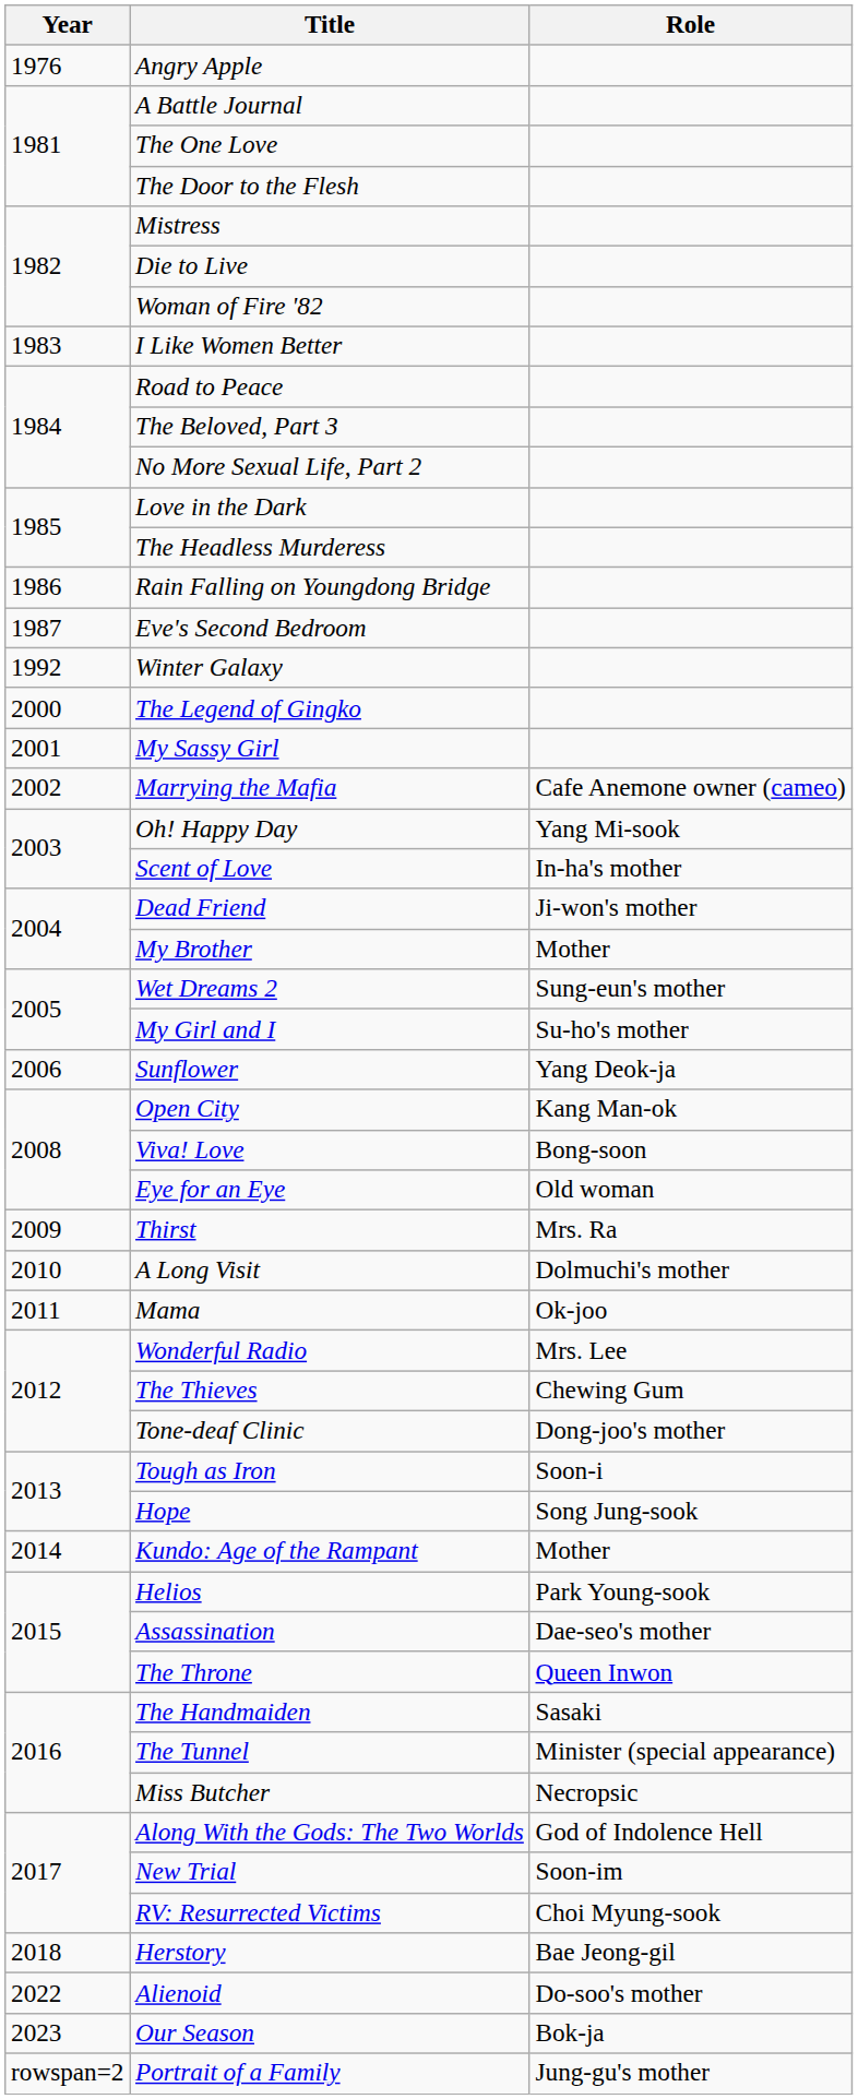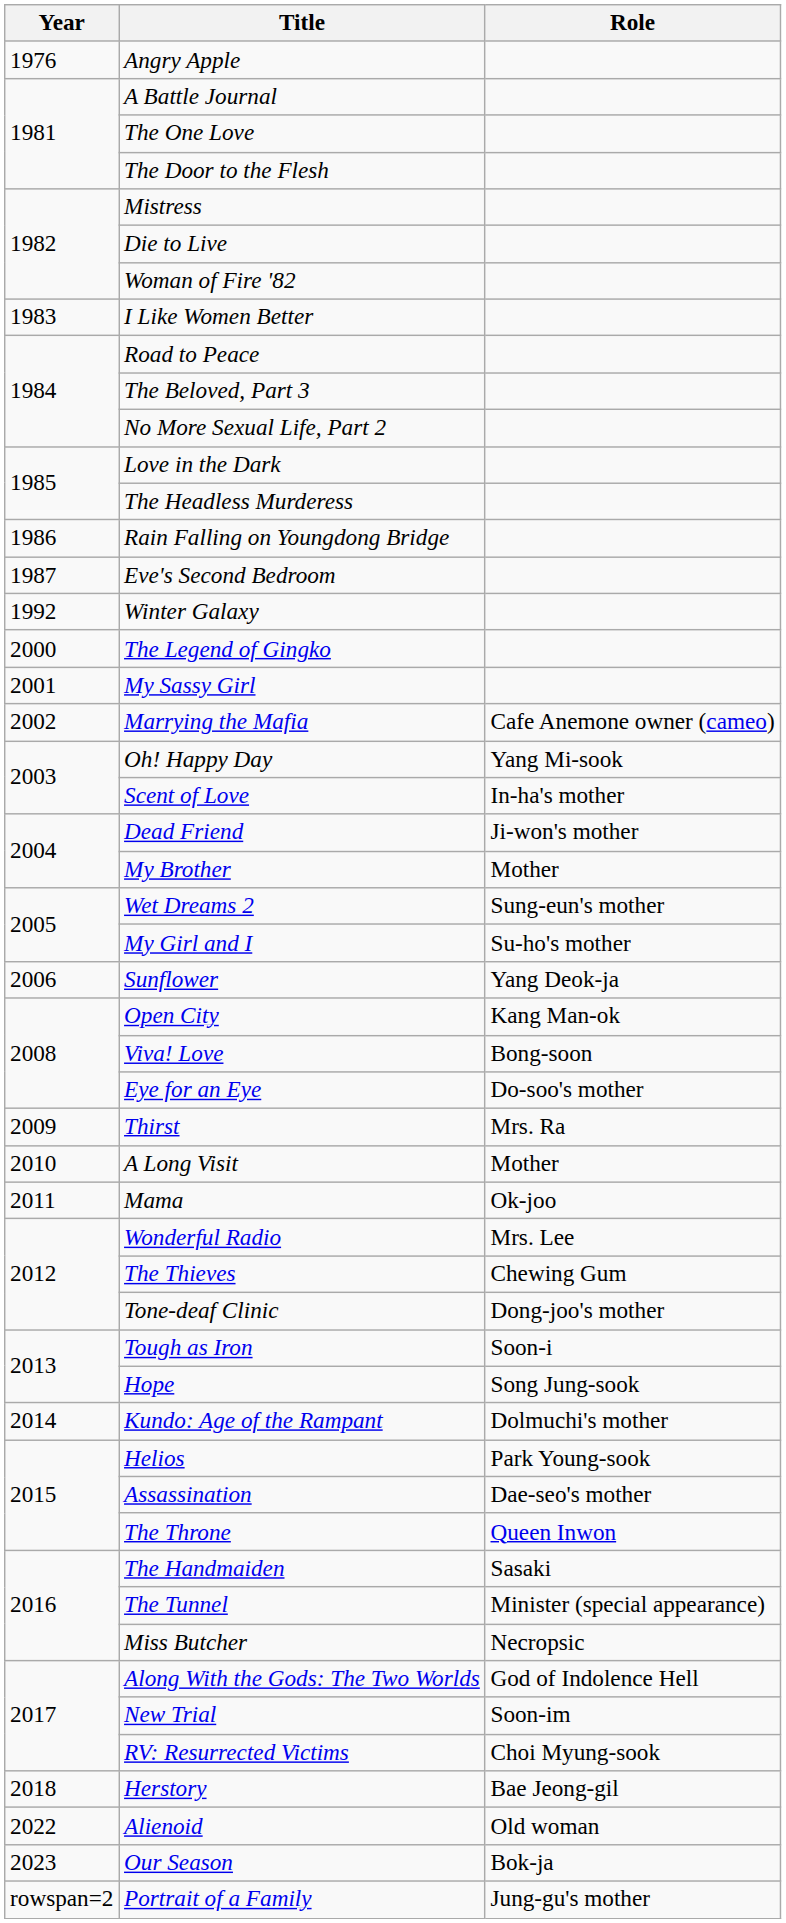 <table class="wikitable sortable">
 <tr>
 <th>Year</th>
 <th>Title</th>
 <th>Role</th>
 </tr>
 <tr>
 <td>1976</td>
 <td><em>Angry Apple</em></td>
 <td></td>
 </tr>
 <tr>
 <td rowspan=3>1981</td>
 <td><em>A Battle Journal</em></td>
 <td></td>
 </tr>
 <tr>
 <td><em>The One Love</em></td>
 <td></td>
 </tr>
 <tr>
 <td><em>The Door to the Flesh</em></td>
 <td></td>
 </tr>
 <tr>
 <td rowspan=3>1982</td>
 <td><em>Mistress</em></td>
 <td></td>
 </tr>
 <tr>
 <td><em>Die to Live</em></td>
 <td></td>
 </tr>
 <tr>
 <td><em>Woman of Fire '82</em></td>
 <td></td>
 </tr>
 <tr>
 <td>1983</td>
 <td><em>I Like Women Better</em></td>
 <td></td>
 </tr>
 <tr>
 <td rowspan=3>1984</td>
 <td><em>Road to Peace</em></td>
 <td></td>
 </tr>
 <tr>
 <td><em>The Beloved, Part 3</em></td>
 <td></td>
 </tr>
 <tr>
 <td><em>No More Sexual Life, Part 2</em></td>
 <td></td>
 </tr>
 <tr>
 <td rowspan=2>1985</td>
 <td><em>Love in the Dark</em></td>
 <td></td>
 </tr>
 <tr>
 <td><em>The Headless Murderess</em></td>
 <td></td>
 </tr>
 <tr>
 <td>1986</td>
 <td><em>Rain Falling on Youngdong Bridge</em></td>
 <td></td>
 </tr>
 <tr>
 <td>1987</td>
 <td><em>Eve's Second Bedroom</em></td>
 <td></td>
 </tr>
 <tr>
 <td>1992</td>
 <td><em>Winter Galaxy</em></td>
 <td></td>
 </tr>
 <tr>
 <td>2000</td>
 <td><em><a href='#'>The Legend of Gingko</a></em></td>
 <td></td>
 </tr>
 <tr>
 <td>2001</td>
 <td><em><a href='#'>My Sassy Girl</a></em></td>
 <td></td>
 </tr>
 <tr>
 <td>2002</td>
 <td><em><a href='#'>Marrying the Mafia</a></em></td>
 <td>Cafe Anemone owner (<a href='#'>cameo</a>)</td>
 </tr>
 <tr>
 <td rowspan=2>2003</td>
 <td><em>Oh! Happy Day</em></td>
 <td>Yang Mi-sook</td>
 </tr>
 <tr>
 <td><em><a href='#'>Scent of Love</a></em></td>
 <td>In-ha's mother</td>
 </tr>
 <tr>
 <td rowspan=2>2004</td>
 <td><em><a href='#'>Dead Friend</a></em></td>
 <td>Ji-won's mother</td>
 </tr>
 <tr>
 <td><em><a href='#'>My Brother</a></em></td>
 <td>Mother</td>
 </tr>
 <tr>
 <td rowspan=2>2005</td>
 <td><em><a href='#'>Wet Dreams 2</a></em></td>
 <td>Sung-eun's mother</td>
 </tr>
 <tr>
 <td><em><a href='#'>My Girl and I</a></em></td>
 <td>Su-ho's mother</td>
 </tr>
 <tr>
 <td>2006</td>
 <td><em><a href='#'>Sunflower</a></em></td>
 <td>Yang Deok-ja</td>
 </tr>
 <tr>
 <td rowspan=3>2008</td>
 <td><em><a href='#'>Open City</a></em></td>
 <td>Kang Man-ok</td>
 </tr>
 <tr>
 <td><em><a href='#'>Viva! Love</a></em></td>
 <td>Bong-soon</td>
 </tr>
 <tr>
 <td><em><a href='#'>Eye for an Eye</a></em></td>
-<td>Old woman</td>
+<td>Do-soo's mother</td>
 </tr>
 <tr>
 <td>2009</td>
 <td><em><a href='#'>Thirst</a></em></td>
 <td>Mrs. Ra</td>
 </tr>
 <tr>
 <td>2010</td>
 <td><em>A Long Visit</em></td>
-<td>Dolmuchi's mother</td>
+<td>Mother</td>
 </tr>
 <tr>
 <td>2011</td>
 <td><em>Mama</em></td>
 <td>Ok-joo</td>
 </tr>
 <tr>
 <td rowspan=3>2012</td>
 <td><em><a href='#'>Wonderful Radio</a></em></td>
 <td>Mrs. Lee</td>
 </tr>
 <tr>
 <td><em><a href='#'>The Thieves</a></em></td>
 <td>Chewing Gum</td>
 </tr>
 <tr>
 <td><em>Tone-deaf Clinic</em> </td>
 <td>Dong-joo's mother</td>
 </tr>
 <tr>
 <td rowspan=2>2013</td>
 <td><em><a href='#'>Tough as Iron</a></em></td>
 <td>Soon-i</td>
 </tr>
 <tr>
 <td><em><a href='#'>Hope</a></em></td>
 <td>Song Jung-sook</td>
 </tr>
 <tr>
 <td>2014</td>
 <td><em><a href='#'>Kundo: Age of the Rampant</a></em></td>
-<td>Mother</td>
+<td>Dolmuchi's mother</td>
 </tr>
 <tr>
 <td rowspan=3>2015</td>
 <td><em><a href='#'>Helios</a></em></td>
 <td>Park Young-sook</td>
 </tr>
 <tr>
 <td><em><a href='#'>Assassination</a></em></td>
 <td>Dae-seo's mother</td>
 </tr>
 <tr>
 <td><em><a href='#'>The Throne</a></em></td>
 <td><a href='#'>Queen Inwon</a></td>
 </tr>
 <tr>
 <td rowspan=3>2016</td>
 <td><em><a href='#'>The Handmaiden</a></em></td>
 <td>Sasaki</td>
 </tr>
 <tr>
 <td><em><a href='#'>The Tunnel</a></em></td>
 <td>Minister (special appearance)</td>
 </tr>
 <tr>
 <td><em>Miss Butcher</em></td>
 <td>Necropsic</td>
 </tr>
 <tr>
 <td rowspan=3>2017</td>
 <td><em><a href='#'>Along With the Gods: The Two Worlds</a></em></td>
 <td>God of Indolence Hell</td>
 </tr>
 <tr>
 <td><em><a href='#'>New Trial</a></em></td>
 <td>Soon-im</td>
 </tr>
 <tr>
 <td><em><a href='#'>RV: Resurrected Victims</a></em></td>
 <td>Choi Myung-sook</td>
 </tr>
 <tr>
 <td>2018</td>
 <td><em><a href='#'>Herstory</a></em></td>
 <td>Bae Jeong-gil</td>
 </tr>
 <tr>
 <td>2022</td>
 <td><em><a href='#'>Alienoid</a></em></td>
-<td>Do-soo's mother</td>
+<td>Old woman</td>
 </tr>
 <tr>
 <td>2023</td>
 <td><em><a href='#'>Our Season</a></em></td>
 <td>Bok-ja</td>
 </tr>
 <tr>
 <td>rowspan=2 </td>
 <td><em><a href='#'>Portrait of a Family</a></em></td>
 <td>Jung-gu's mother</td>
 </tr>
 </table>
